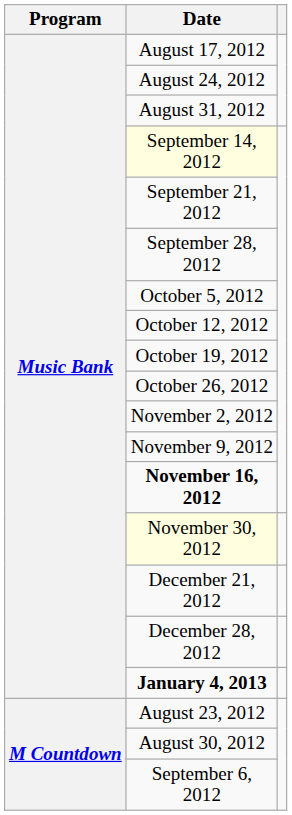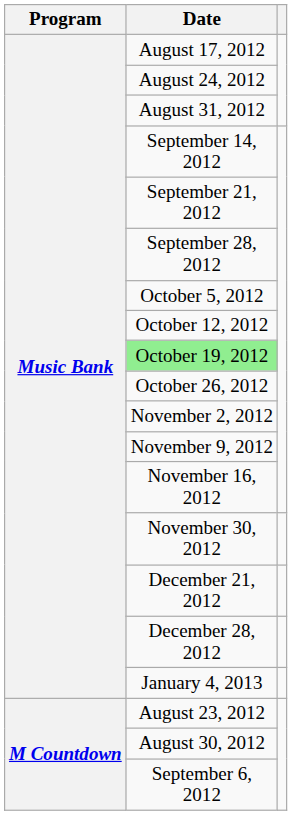 <table class="wikitable sortable plainrowheaders" style="text-align:center">
 <tr>
 <th scope="col">Program</th>
 <th scope="col" width="120">Date</th>
 <th class="unsortable"></th>
 </tr>
 <tr>
 <th scope="row" rowspan="17"><em><a href='#'>Music Bank</a></em></th>
 <td>August 17, 2012</td>
 <td rowspan="3"></td>
 </tr>
 <tr>
 <td>August 24, 2012</td>
 </tr>
 <tr>
 <td>August 31, 2012</td>
 </tr>
 <tr>
-<td style="background: lightyellow;">September 14, 2012</td>
+<td>September 14, 2012</td>
 <td rowspan="10"></td>
 </tr>
 <tr>
 <td>September 21, 2012</td>
 </tr>
 <tr>
 <td>September 28, 2012</td>
 </tr>
 <tr>
 <td>October 5, 2012</td>
 </tr>
 <tr>
 <td>October 12, 2012</td>
 </tr>
 <tr>
-<td>October 19, 2012</td>
+<td style="background: lightgreen;">October 19, 2012</td>
 </tr>
 <tr>
 <td>October 26, 2012</td>
 </tr>
 <tr>
 <td>November 2, 2012</td>
 </tr>
 <tr>
 <td>November 9, 2012</td>
 </tr>
 <tr>
-<td><strong>November 16, 2012</strong></td>
+<td>November 16, 2012</td>
 </tr>
 <tr>
-<td style="background: lightyellow;">November 30, 2012</td>
+<td>November 30, 2012</td>
 <td></td>
 </tr>
 <tr>
 <td>December 21, 2012</td>
 <td></td>
 </tr>
 <tr>
 <td>December 28, 2012</td>
 <td></td>
 </tr>
 <tr>
-<td><strong>January 4, 2013</strong></td>
+<td>January 4, 2013</td>
 <td></td>
 </tr>
 <tr>
 <th scope="row" rowspan="3"><em><a href='#'>M Countdown</a></em></th>
 <td>August 23, 2012</td>
 <td rowspan="3"></td>
 </tr>
 <tr>
 <td>August 30, 2012</td>
 </tr>
 <tr>
 <td>September 6, 2012</td>
 </tr>
 </table>
